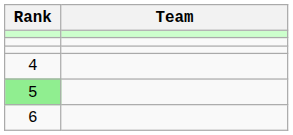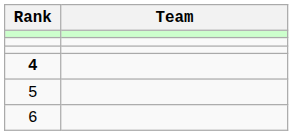 <table class="wikitable" style="text-align: center;">
 <tr>
 <th width=40>Rank</th>
 <th width=180>Team</th>
 </tr>
 <tr bgcolor=#ccffcc>
 <td></td>
 <td align="left"></td>
 </tr>
 <tr>
 <td></td>
 <td align="left"></td>
 </tr>
 <tr>
 <td></td>
 <td align=left></td>
 </tr>
 <tr>
-<td>4</td>
+<td><strong>4</strong></td>
 <td style="text-align:left;"></td>
 </tr>
 <tr>
-<td style="background: lightgreen;">5</td>
+<td>5</td>
 <td style="text-align:left;"></td>
 </tr>
 <tr>
 <td>6</td>
 <td style="text-align:left;"></td>
 </tr>
 </table>
